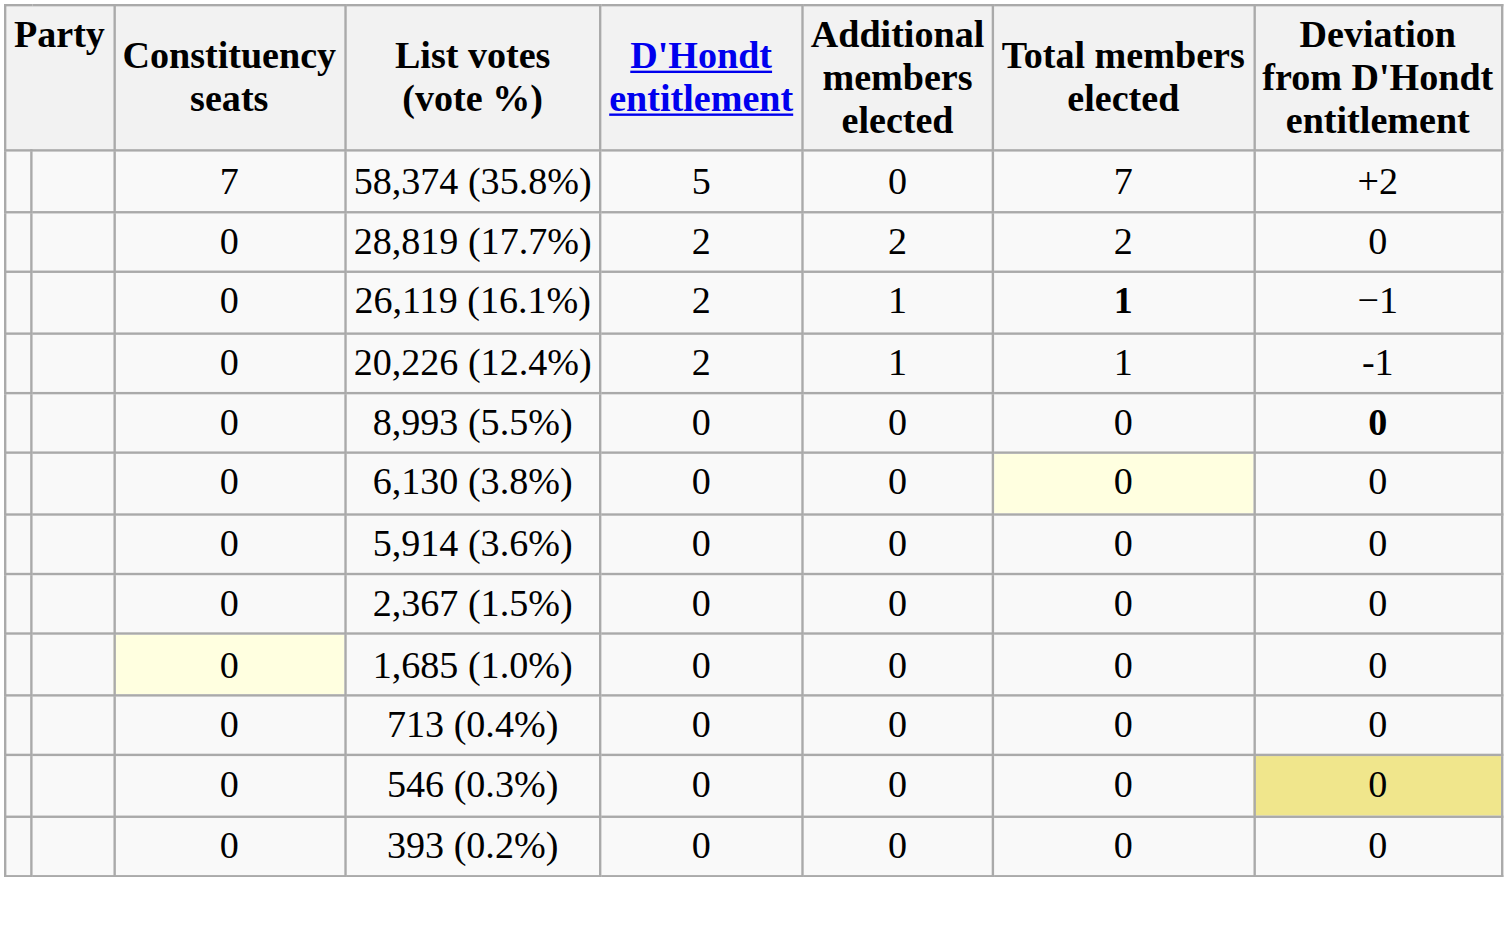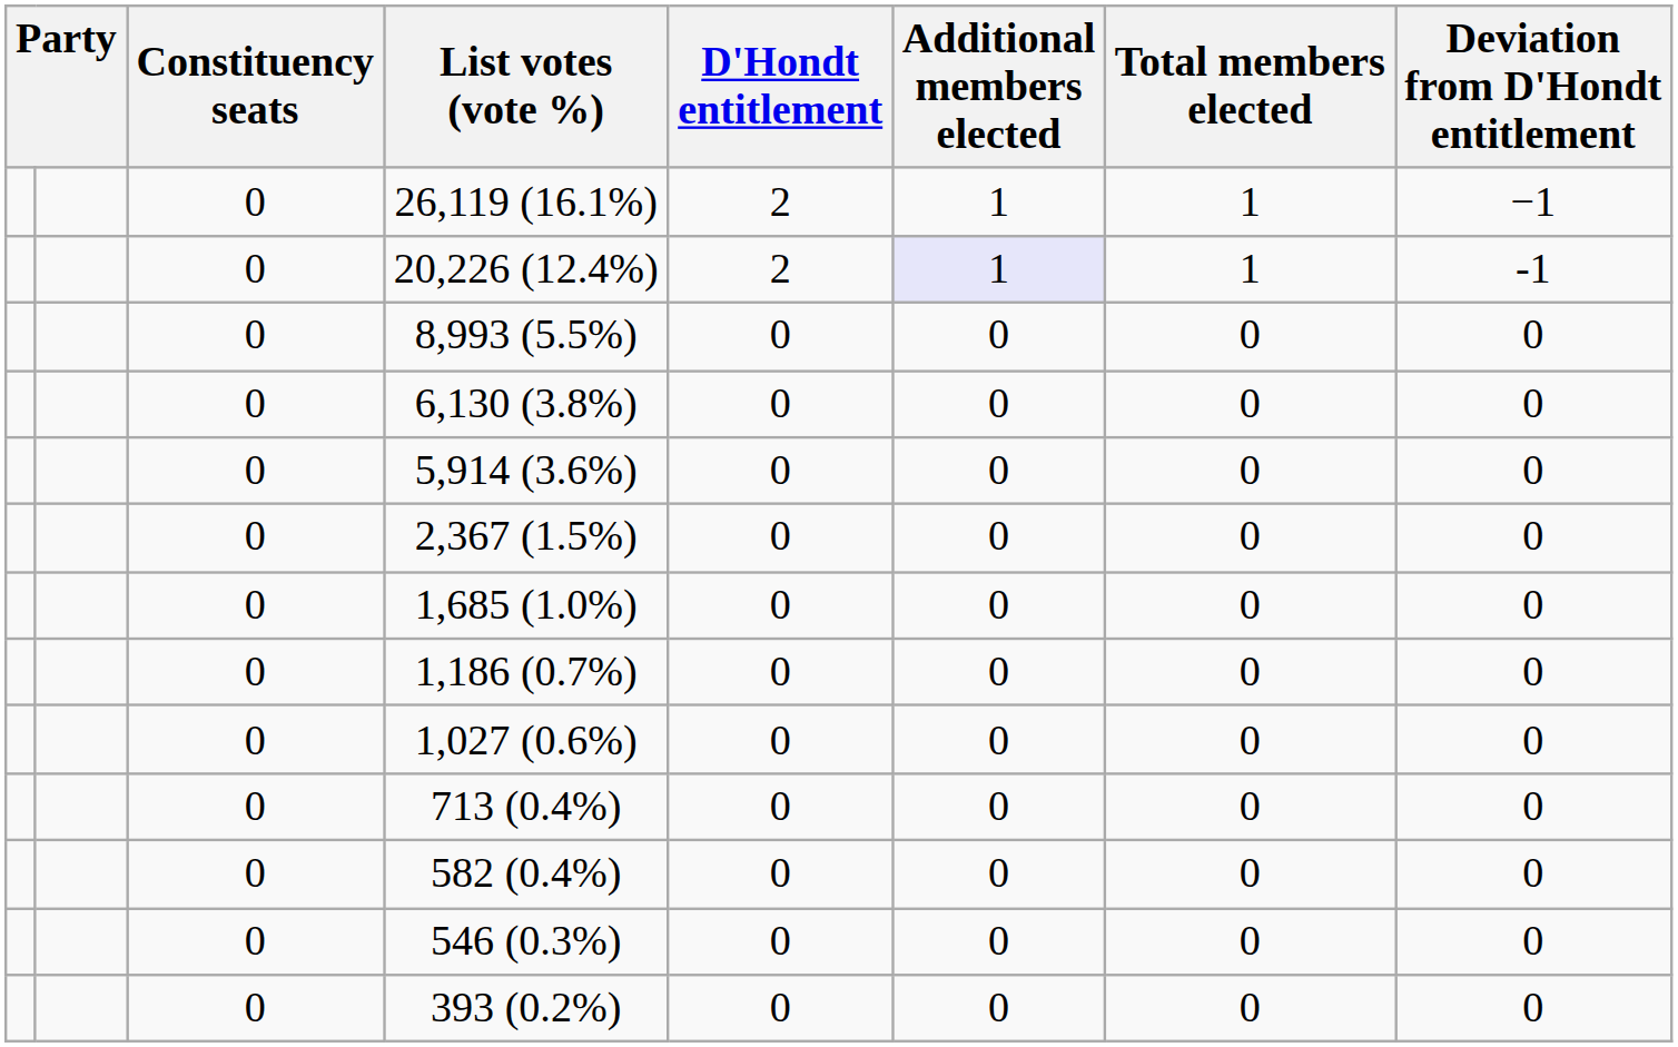 <table class="wikitable" style="text-align:center">
 <tr>
 <th colspan="2" rowspan="1" align="center" valign="top">Party</th>
 <th>Constituency<br>seats</th>
 <th>List votes<br>(vote %)</th>
 <th><a href='#'>D'Hondt<br>entitlement</a></th>
 <th>Additional<br>members<br>elected</th>
 <th>Total members<br>elected</th>
 <th>Deviation<br>from D'Hondt<br>entitlement</th>
 </tr>
 <tr>
-<td style="width: 4px" bgcolor=></td>
-<td style="text-align: left;" scope="row"><strong><a href='#'></a></strong></td>
-<td>7</td>
-<td>58,374  (35.8%)</td>
-<td>5</td>
-<td>0</td>
-<td>7</td>
-<td>+2</td>
-</tr>
-<tr>
-<td style="color:inherit;background-color:"></td>
-<td style="text-align: left;" scope="row"><strong><a href='#'></a></strong></td>
-<td>0</td>
-<td>28,819  (17.7%)</td>
-<td>2</td>
-<td>2</td>
-<td>2</td>
-<td>0</td>
-</tr>
-<tr>
 <td style="width: 4px"></td>
 <td style="text-align: left;" scope="row"><strong><a href='#'></a></strong></td>
 <td>0</td>
 <td>26,119  (16.1%)</td>
 <td>2</td>
 <td>1</td>
-<td><strong>1</strong></td>
+<td>1</td>
 <td>−1</td>
 </tr>
 <tr>
 <td style="width: 4px"></td>
 <td style="text-align: left;" scope="row"><strong><a href='#'></a></strong></td>
 <td>0</td>
 <td>20,226  (12.4%)</td>
 <td>2</td>
-<td>1</td>
+<td style="background: lavender;">1</td>
 <td>1</td>
 <td>-1</td>
 </tr>
 <tr>
 <td style="width: 4px" bgcolor=></td>
 <td style="text-align: left;" scope="row"><strong><a href='#'></a></strong></td>
 <td>0</td>
 <td>8,993  (5.5%)</td>
 <td>0</td>
 <td>0</td>
 <td>0</td>
-<td><strong>0</strong></td>
+<td>0</td>
 </tr>
 <tr>
 <td style="width: 4px"></td>
 <td style="text-align: left;" scope="row"><strong><a href='#'></a></strong></td>
 <td>0</td>
 <td>6,130  (3.8%)</td>
 <td>0</td>
 <td>0</td>
-<td style="background: lightyellow;">0</td>
+<td>0</td>
 <td>0</td>
 </tr>
 <tr>
 <td style="width: 4px"></td>
 <td style="text-align: left;" scope="row"><strong><a href='#'></a></strong></td>
 <td>0</td>
 <td>5,914  (3.6%)</td>
 <td>0</td>
 <td>0</td>
 <td>0</td>
 <td>0</td>
 </tr>
 <tr>
 <td style="width: 4px"></td>
 <td style="text-align: left;" scope="row"><strong><a href='#'></a></strong></td>
 <td>0</td>
 <td>2,367  (1.5%)</td>
 <td>0</td>
 <td>0</td>
 <td>0</td>
 <td>0</td>
 </tr>
 <tr>
 <td style="width: 4px" bgcolor=></td>
 <td style="text-align: left;" scope="row"><strong><a href='#'></a></strong></td>
-<td style="background: lightyellow;">0</td>
+<td>0</td>
 <td>1,685 (1.0%)</td>
+<td>0</td>
+<td>0</td>
+<td>0</td>
+<td>0</td>
+</tr>
+<tr>
+<td style="width: 4px"></td>
+<td style="text-align: left;" scope="row"><strong><a href='#'></a></strong></td>
+<td>0</td>
+<td>1,186 (0.7%)</td>
+<td>0</td>
+<td>0</td>
+<td>0</td>
+<td>0</td>
+</tr>
+<tr>
+<td style="width: 4px"></td>
+<td style="text-align: left;" scope="row"><strong><a href='#'></a></strong></td>
+<td>0</td>
+<td>1,027 (0.6%)</td>
 <td>0</td>
 <td>0</td>
 <td>0</td>
 <td>0</td>
 </tr>
 <tr>
 <td style="width: 4px" bgcolor=></td>
 <td style="text-align: left;" scope="row"><strong><a href='#'></a></strong></td>
 <td>0</td>
 <td>713 (0.4%)</td>
 <td>0</td>
 <td>0</td>
 <td>0</td>
 <td>0</td>
 </tr>
 <tr>
+<td style="width: 4px"></td>
+<td style="text-align: left;" scope="row"><strong><a href='#'></a></strong></td>
+<td>0</td>
+<td>582 (0.4%)</td>
+<td>0</td>
+<td>0</td>
+<td>0</td>
+<td>0</td>
+</tr>
+<tr>
 <td style="width: 4px" bgcolor=></td>
 <td style="text-align: left;" scope="row"><strong><a href='#'></a></strong></td>
 <td>0</td>
 <td>546 (0.3%)</td>
 <td>0</td>
 <td>0</td>
 <td>0</td>
-<td style="background: khaki;">0</td>
+<td>0</td>
 </tr>
 <tr>
 <td style="width: 4px" bgcolor=></td>
 <td style="text-align: left;" scope="row"><strong><a href='#'></a></strong></td>
 <td>0</td>
 <td>393 (0.2%)</td>
 <td>0</td>
 <td>0</td>
 <td>0</td>
 <td>0</td>
 </tr>
 </table>
